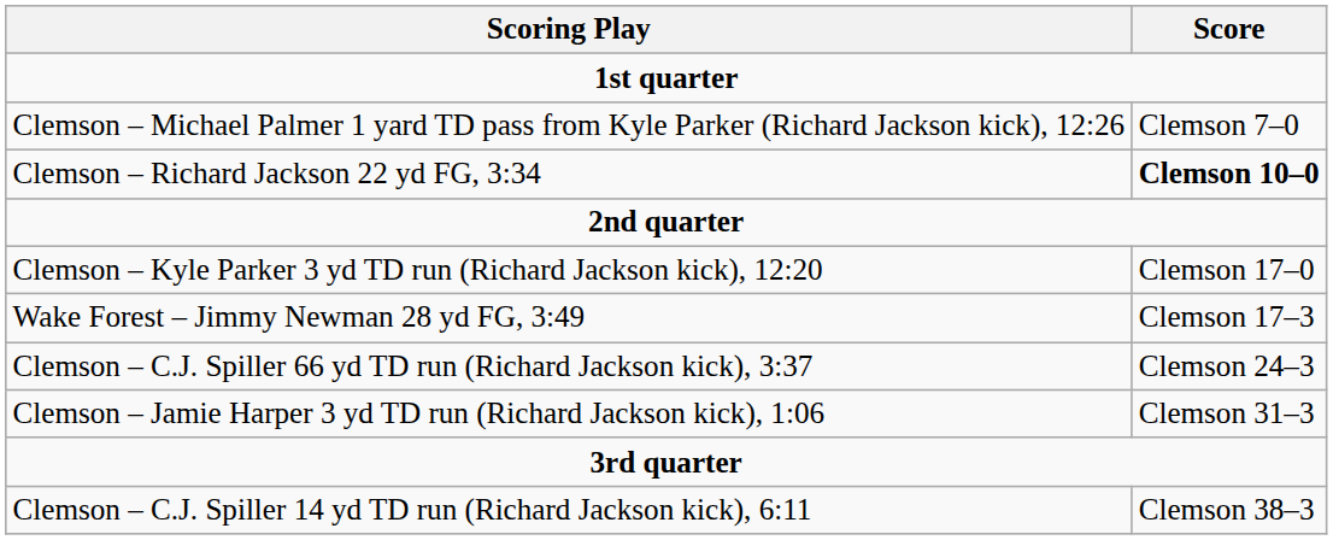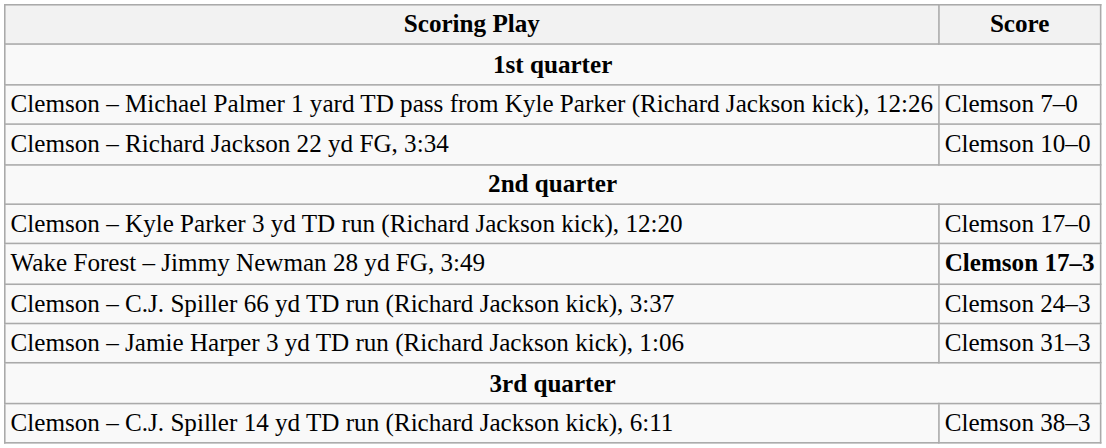 <table class="wikitable">
 <tr>
 <th>Scoring Play</th>
 <th>Score</th>
 </tr>
 <tr>
 <td colspan="4" align="center"><strong>1st quarter</strong></td>
 </tr>
 <tr>
 <td>Clemson – Michael Palmer 1 yard TD pass from Kyle Parker (Richard Jackson kick), 12:26</td>
 <td>Clemson 7–0</td>
 </tr>
 <tr>
 <td>Clemson – Richard Jackson 22 yd FG, 3:34</td>
-<td><strong>Clemson 10–0</strong></td>
+<td>Clemson 10–0</td>
 </tr>
 <tr>
 <td colspan="4" align="center"><strong>2nd quarter</strong></td>
 </tr>
 <tr>
 <td>Clemson – Kyle Parker 3 yd TD run (Richard Jackson kick), 12:20</td>
 <td>Clemson 17–0</td>
 </tr>
 <tr>
 <td>Wake Forest – Jimmy Newman 28 yd FG, 3:49</td>
-<td>Clemson 17–3</td>
+<td><strong>Clemson 17–3</strong></td>
 </tr>
 <tr>
 <td>Clemson – C.J. Spiller 66 yd TD run (Richard Jackson kick), 3:37</td>
 <td>Clemson 24–3</td>
 </tr>
 <tr>
 <td>Clemson – Jamie Harper 3 yd TD run (Richard Jackson kick), 1:06</td>
 <td>Clemson 31–3</td>
 </tr>
 <tr>
 <td colspan="6" align="center"><strong>3rd quarter</strong></td>
 </tr>
 <tr>
 <td>Clemson – C.J. Spiller 14 yd TD run (Richard Jackson kick), 6:11</td>
 <td>Clemson 38–3</td>
 </tr>
 </table>
